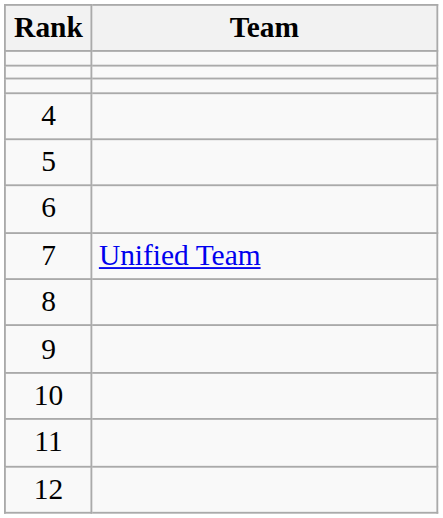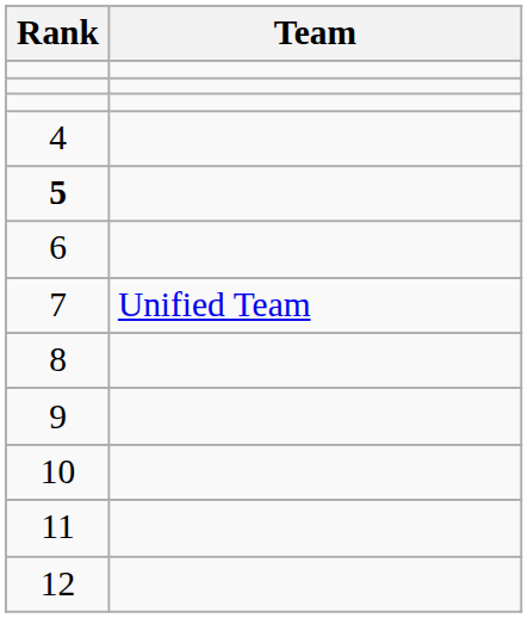 <table class="wikitable" style="text-align:center;">
 <tr>
 <th width=40>Rank</th>
 <th width=180>Team</th>
 </tr>
 <tr>
 <td></td>
 <td style="text-align:left;"></td>
 </tr>
 <tr>
 <td></td>
 <td style="text-align:left;"></td>
 </tr>
 <tr>
 <td></td>
 <td style="text-align:left;"></td>
 </tr>
 <tr>
 <td>4</td>
 <td style="text-align:left;"></td>
 </tr>
 <tr>
-<td>5</td>
+<td><strong>5</strong></td>
 <td style="text-align:left;"></td>
 </tr>
 <tr>
 <td>6</td>
 <td style="text-align:left;"></td>
 </tr>
 <tr>
 <td>7</td>
 <td style="text-align:left;"> <a href='#'>Unified Team</a></td>
 </tr>
 <tr>
 <td>8</td>
 <td style="text-align:left;"></td>
 </tr>
 <tr>
 <td>9</td>
 <td style="text-align:left;"></td>
 </tr>
 <tr>
 <td>10</td>
 <td style="text-align:left;"></td>
 </tr>
 <tr>
 <td>11</td>
 <td style="text-align:left;"></td>
 </tr>
 <tr>
 <td>12</td>
 <td style="text-align:left;"></td>
 </tr>
 </table>
